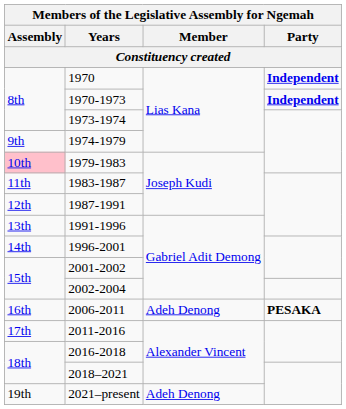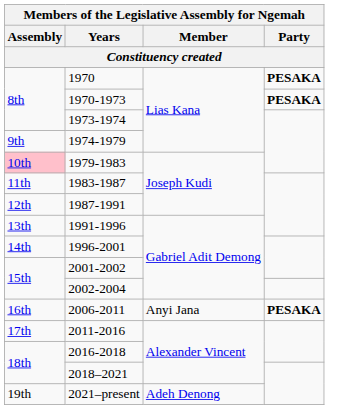 <table class=wikitable>
 <tr>
 <th colspan="4">Members of the Legislative Assembly for Ngemah</th>
 </tr>
 <tr>
 <th>Assembly</th>
 <th>Years</th>
 <th>Member</th>
 <th>Party</th>
 </tr>
 <tr>
 <th colspan=4 align=center><em>Constituency created</em></th>
 </tr>
 <tr>
 <td rowspan=3><a href='#'>8th</a></td>
 <td>1970</td>
 <td rowspan="4"><a href='#'>Lias Kana</a></td>
-<td><strong><a href='#'>Independent</a></strong></td>
+<td><strong>PESAKA</strong></td>
 </tr>
 <tr>
 <td>1970-1973</td>
-<td><strong><a href='#'>Independent</a></strong></td>
+<td><strong>PESAKA</strong></td>
 </tr>
 <tr>
 <td>1973-1974</td>
 <td rowspan="3"></td>
 </tr>
 <tr>
 <td><a href='#'>9th</a></td>
 <td>1974-1979</td>
 </tr>
 <tr>
 <td style="background: pink;"><a href='#'>10th</a></td>
 <td>1979-1983</td>
 <td rowspan=3><a href='#'>Joseph Kudi</a></td>
 </tr>
 <tr>
 <td><a href='#'>11th</a></td>
 <td>1983-1987</td>
 <td rowspan=3></td>
 </tr>
 <tr>
 <td><a href='#'>12th</a></td>
 <td>1987-1991</td>
 </tr>
 <tr>
 <td><a href='#'>13th</a></td>
 <td>1991-1996</td>
 <td rowspan=4><a href='#'>Gabriel Adit Demong</a></td>
 </tr>
 <tr>
 <td><a href='#'>14th</a></td>
 <td>1996-2001</td>
 <td rowspan=2></td>
 </tr>
 <tr>
 <td rowspan=2><a href='#'>15th</a></td>
 <td>2001-2002</td>
 </tr>
 <tr>
 <td>2002-2004</td>
 <td></td>
 </tr>
 <tr>
 <td><a href='#'>16th</a></td>
 <td>2006-2011</td>
-<td><a href='#'>Adeh Denong</a></td>
+<td>Anyi Jana</td>
 <td><strong>PESAKA</strong></td>
 </tr>
 <tr>
 <td><a href='#'>17th</a></td>
 <td>2011-2016</td>
 <td rowspan="3"><a href='#'>Alexander Vincent</a></td>
 <td rowspan=2></td>
 </tr>
 <tr>
 <td rowspan="2"><a href='#'>18th</a></td>
 <td>2016-2018</td>
 </tr>
 <tr>
 <td>2018–2021</td>
 <td rowspan="2"></td>
 </tr>
 <tr>
 <td>19th</td>
 <td>2021–present</td>
 <td><a href='#'>Adeh Denong</a></td>
 </tr>
 </table>
